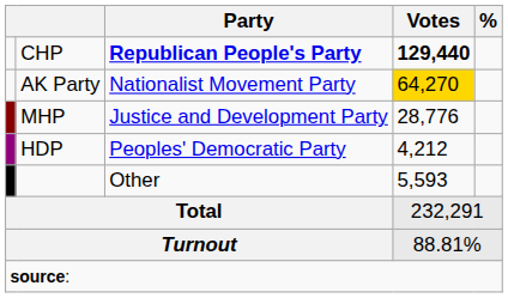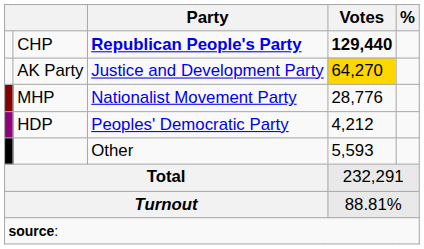 <table class="wikitable">
 <tr>
 <th colspan="2" align="center"></th>
 <th align="center">Party</th>
 <th align="center">Votes</th>
 <th align="center">%</th>
 </tr>
 <tr align="left">
 <td></td>
 <td>CHP</td>
 <td><strong><a href='#'>Republican People's Party</a></strong></td>
 <td><strong>129,440</strong></td>
 <td><strong></strong></td>
 </tr>
 <tr align="left">
 <td></td>
 <td>AK Party</td>
-<td><a href='#'>Nationalist Movement Party</a></td>
+<td><a href='#'>Justice and Development Party</a></td>
 <td style="background: gold;">64,270</td>
 <td></td>
 </tr>
 <tr align="left">
 <td bgcolor="#870000" width="1"></td>
 <td>MHP</td>
-<td><a href='#'>Justice and Development Party</a></td>
+<td><a href='#'>Nationalist Movement Party</a></td>
 <td>28,776</td>
 <td></td>
 </tr>
 <tr align="left">
 <td bgcolor="#91007B" width="1"></td>
 <td>HDP</td>
 <td><a href='#'>Peoples' Democratic Party</a></td>
 <td>4,212</td>
 <td></td>
 </tr>
 <tr align="left">
 <td bgcolor=" " width="1"></td>
 <td></td>
 <td>Other</td>
 <td>5,593</td>
 <td></td>
 </tr>
 <tr align="left" style="background-color:#E9E9E9">
 <th colspan="3" align="center"><strong>Total</strong></th>
 <td colspan="5" align="center">232,291</td>
 </tr>
 <tr align="left" style="background-color:#E9E9E9">
 <th colspan="3" align="center"><em>Turnout</em></th>
 <td colspan="5" align="center">88.81%</td>
 </tr>
 <tr>
 <td colspan="9" align="left"><small><strong>source</strong>: </small></td>
 </tr>
 </table>
